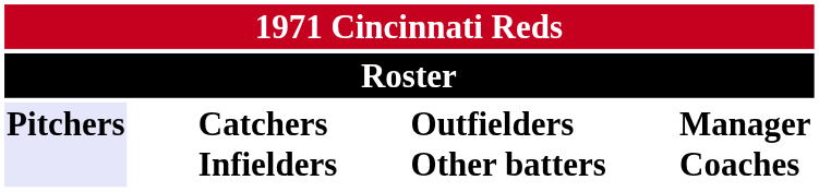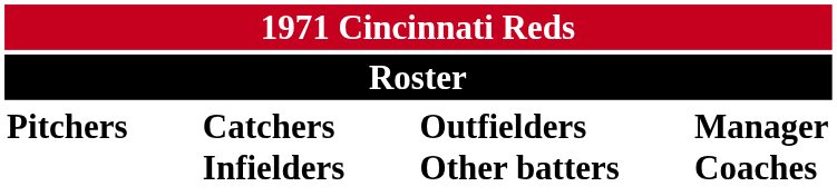 <table class="toccolours" style="font-size: 95%;">
 <tr>
 <th colspan="10" style="background-color: #c6011f; color: white; text-align: center;">1971 Cincinnati Reds</th>
 </tr>
 <tr>
 <td colspan="10" style="background-color: black; color: white; text-align: center;"><strong>Roster</strong></td>
 </tr>
 <tr>
-<td valign="top" style="background: lavender;"><strong>Pitchers</strong><br>              </td>
+<td valign="top"><strong>Pitchers</strong><br>              </td>
 <td width="25px"></td>
 <td valign="top"><strong>Catchers</strong><br>   <strong>Infielders</strong>        </td>
 <td width="25px"></td>
 <td valign="top"><strong>Outfielders</strong><br>        <strong>Other batters</strong> </td>
 <td width="25px"></td>
 <td valign="top"><strong>Manager</strong><br> <strong>Coaches</strong>    </td>
 </tr>
 </table>
